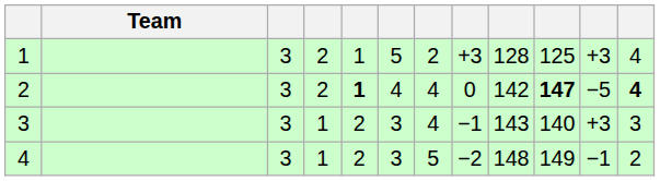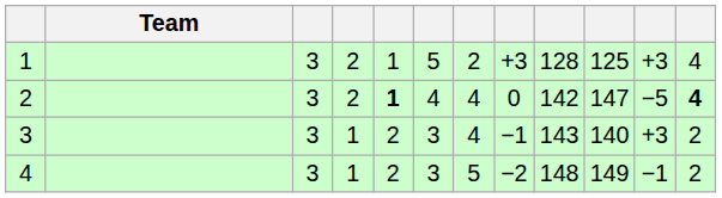 <table class=wikitable style="text-align: center;">
 <tr>
 <th style="width: 20px;"></th>
 <th style="width: 160px;">Team</th>
 <th style="width: 20px;"></th>
 <th style="width: 20px;"></th>
 <th style="width: 20px;"></th>
 <th style="width: 20px;"></th>
 <th style="width: 20px;"></th>
 <th style="width: 20px;"></th>
 <th style="width: 20px;"></th>
 <th style="width: 20px;"></th>
 <th style="width: 20px;"></th>
 <th style="width: 20px;"></th>
 </tr>
 <tr style="background: #CCFFCC;">
 <td>1</td>
 <td style="text-align: left;"></td>
 <td>3</td>
 <td>2</td>
 <td>1</td>
 <td>5</td>
 <td>2</td>
 <td>+3</td>
 <td>128</td>
 <td>125</td>
 <td>+3</td>
 <td>4</td>
 </tr>
 <tr style="background: #CCFFCC;">
 <td>2</td>
 <td style="text-align: left;"></td>
 <td>3</td>
 <td>2</td>
 <td><strong>1</strong></td>
 <td>4</td>
 <td>4</td>
 <td>0</td>
 <td>142</td>
-<td><strong>147</strong></td>
+<td>147</td>
 <td>−5</td>
 <td><strong>4</strong></td>
 </tr>
 <tr style="background: #CCFFCC;">
 <td>3</td>
 <td style="text-align: left;"></td>
 <td>3</td>
 <td>1</td>
 <td>2</td>
 <td>3</td>
 <td>4</td>
 <td>−1</td>
 <td>143</td>
 <td>140</td>
 <td>+3</td>
-<td>3</td>
+<td>2</td>
 </tr>
 <tr style="background: #CCFFCC;">
 <td>4</td>
 <td style="text-align: left;"></td>
 <td>3</td>
 <td>1</td>
 <td>2</td>
 <td>3</td>
 <td>5</td>
 <td>−2</td>
 <td>148</td>
 <td>149</td>
 <td>−1</td>
 <td>2</td>
 </tr>
 </table>
